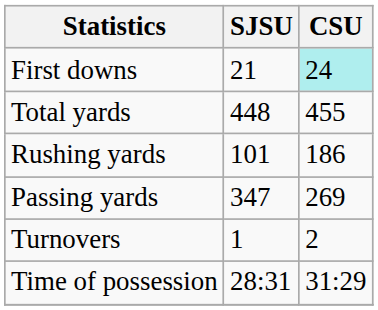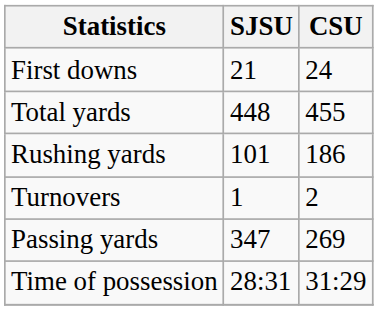 <table class="wikitable" style="float: left;">
 <tr>
 <th>Statistics</th>
 <th>SJSU</th>
 <th>CSU</th>
 </tr>
 <tr>
 <td>First downs</td>
 <td>21</td>
-<td style="background: paleturquoise;">24</td>
+<td>24</td>
 </tr>
 <tr>
 <td>Total yards</td>
 <td>448</td>
 <td>455</td>
 </tr>
 <tr>
 <td>Rushing yards</td>
 <td>101</td>
 <td>186</td>
 </tr>
 <tr>
+<td>Turnovers</td>
+<td>1</td>
+<td>2</td>
+</tr>
+<tr>
 <td>Passing yards</td>
 <td>347</td>
 <td>269</td>
-</tr>
-<tr>
-<td>Turnovers</td>
-<td>1</td>
-<td>2</td>
 </tr>
 <tr>
 <td>Time of possession</td>
 <td>28:31</td>
 <td>31:29</td>
 </tr>
 <tr>
 </tr>
 </table>
